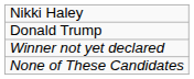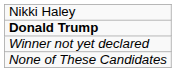 <table class="wikitable">
 <tr>
 <td style="padding: 0 5px;"> Nikki Haley</td>
 </tr>
 <tr>
-<td style="padding: 0 5px;"> Donald Trump</td>
+<td style="padding: 0 5px;"><strong> Donald Trump</strong></td>
 </tr>
 <tr>
 <td style="padding: 0 5px;"> <em>Winner not yet declared</em></td>
 </tr>
 <tr>
 <td style="padding: 0 5px;"> <em>None of These Candidates</em></td>
 </tr>
 </table>
